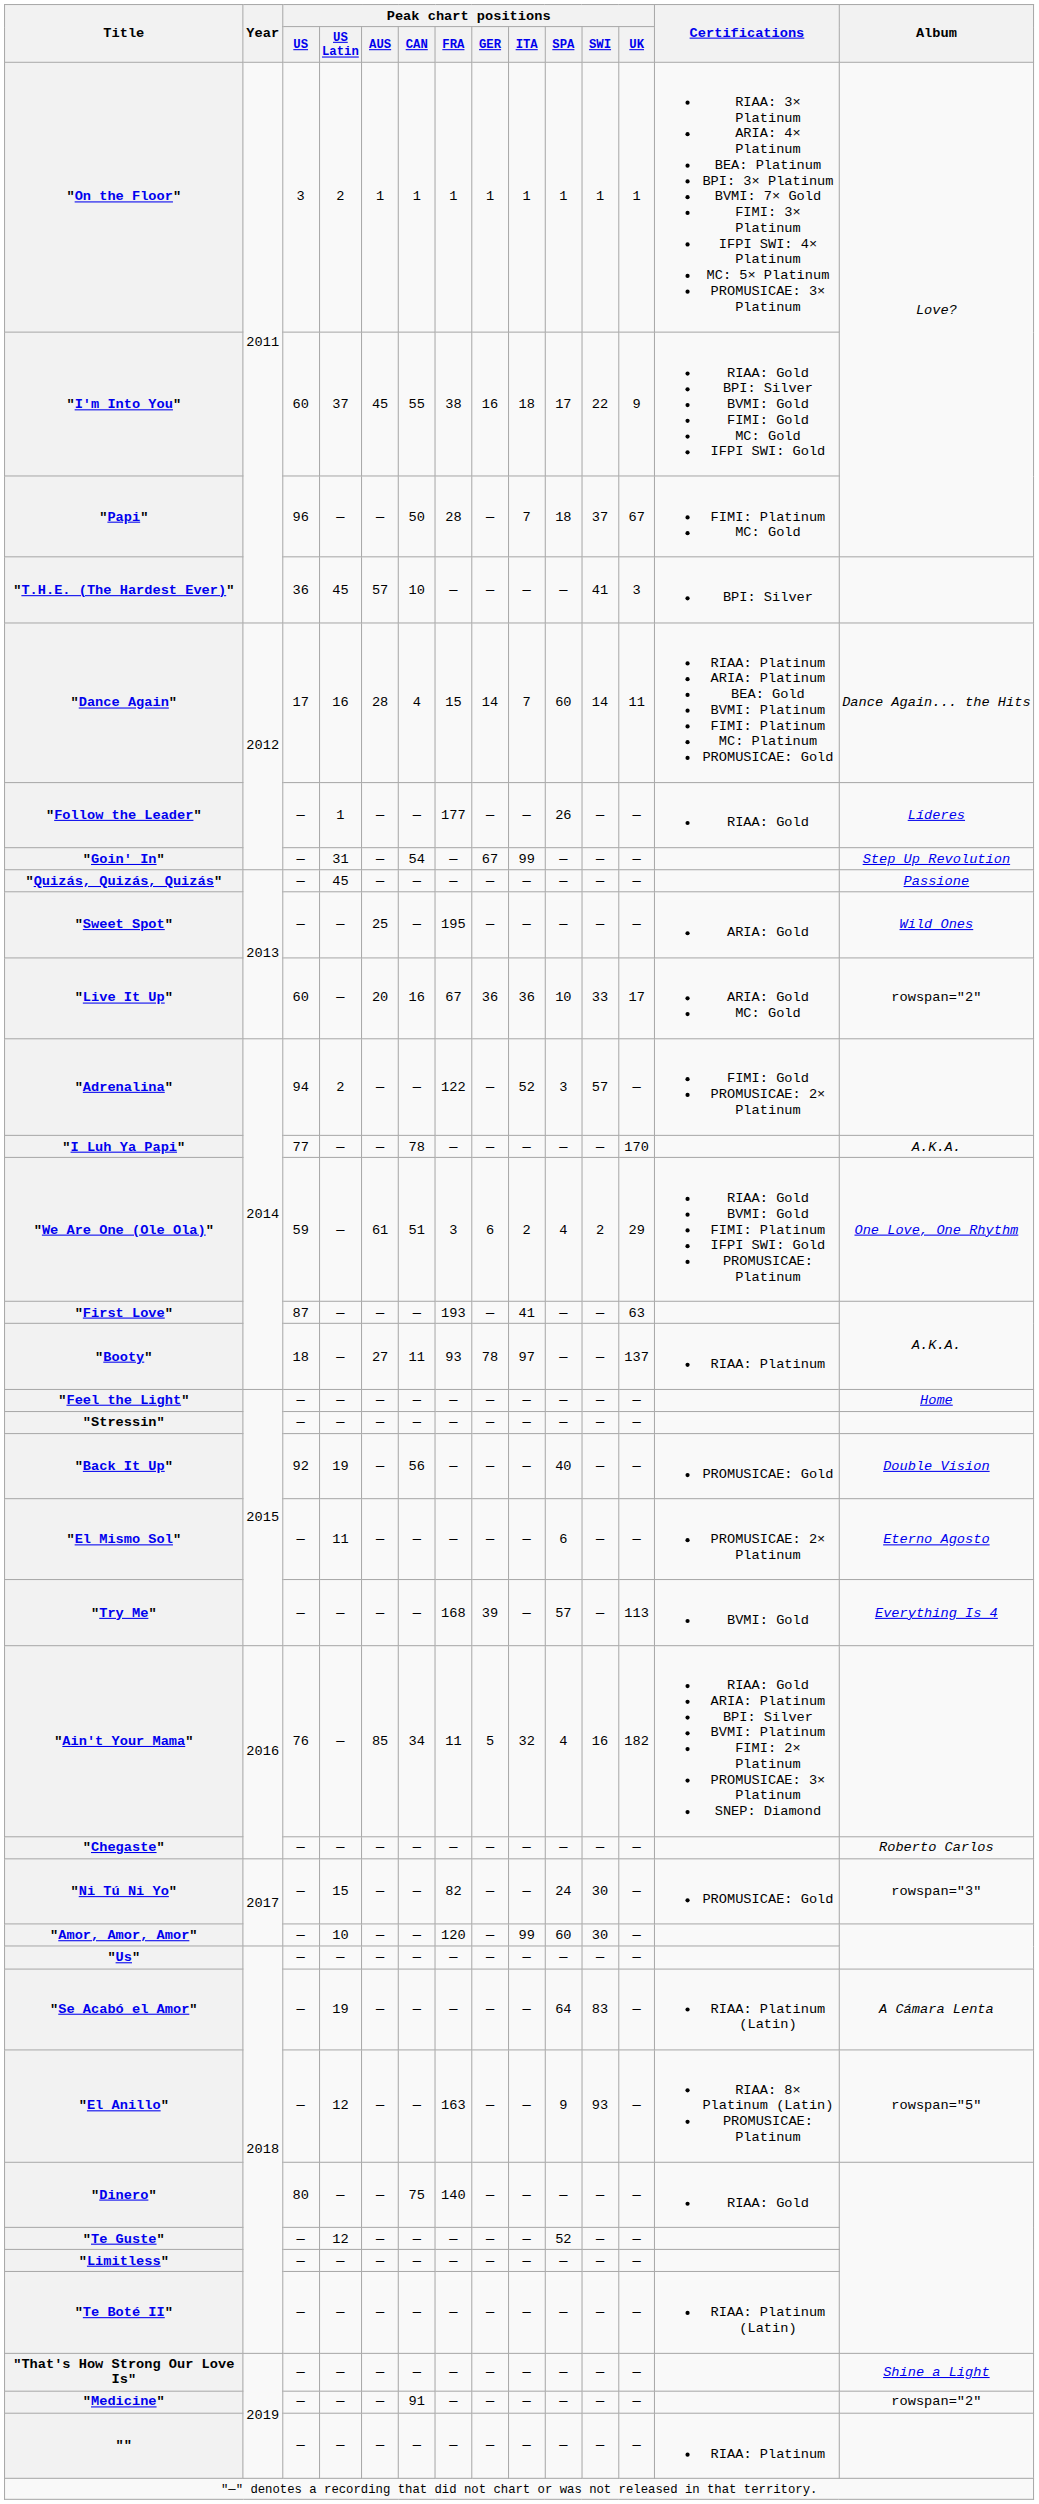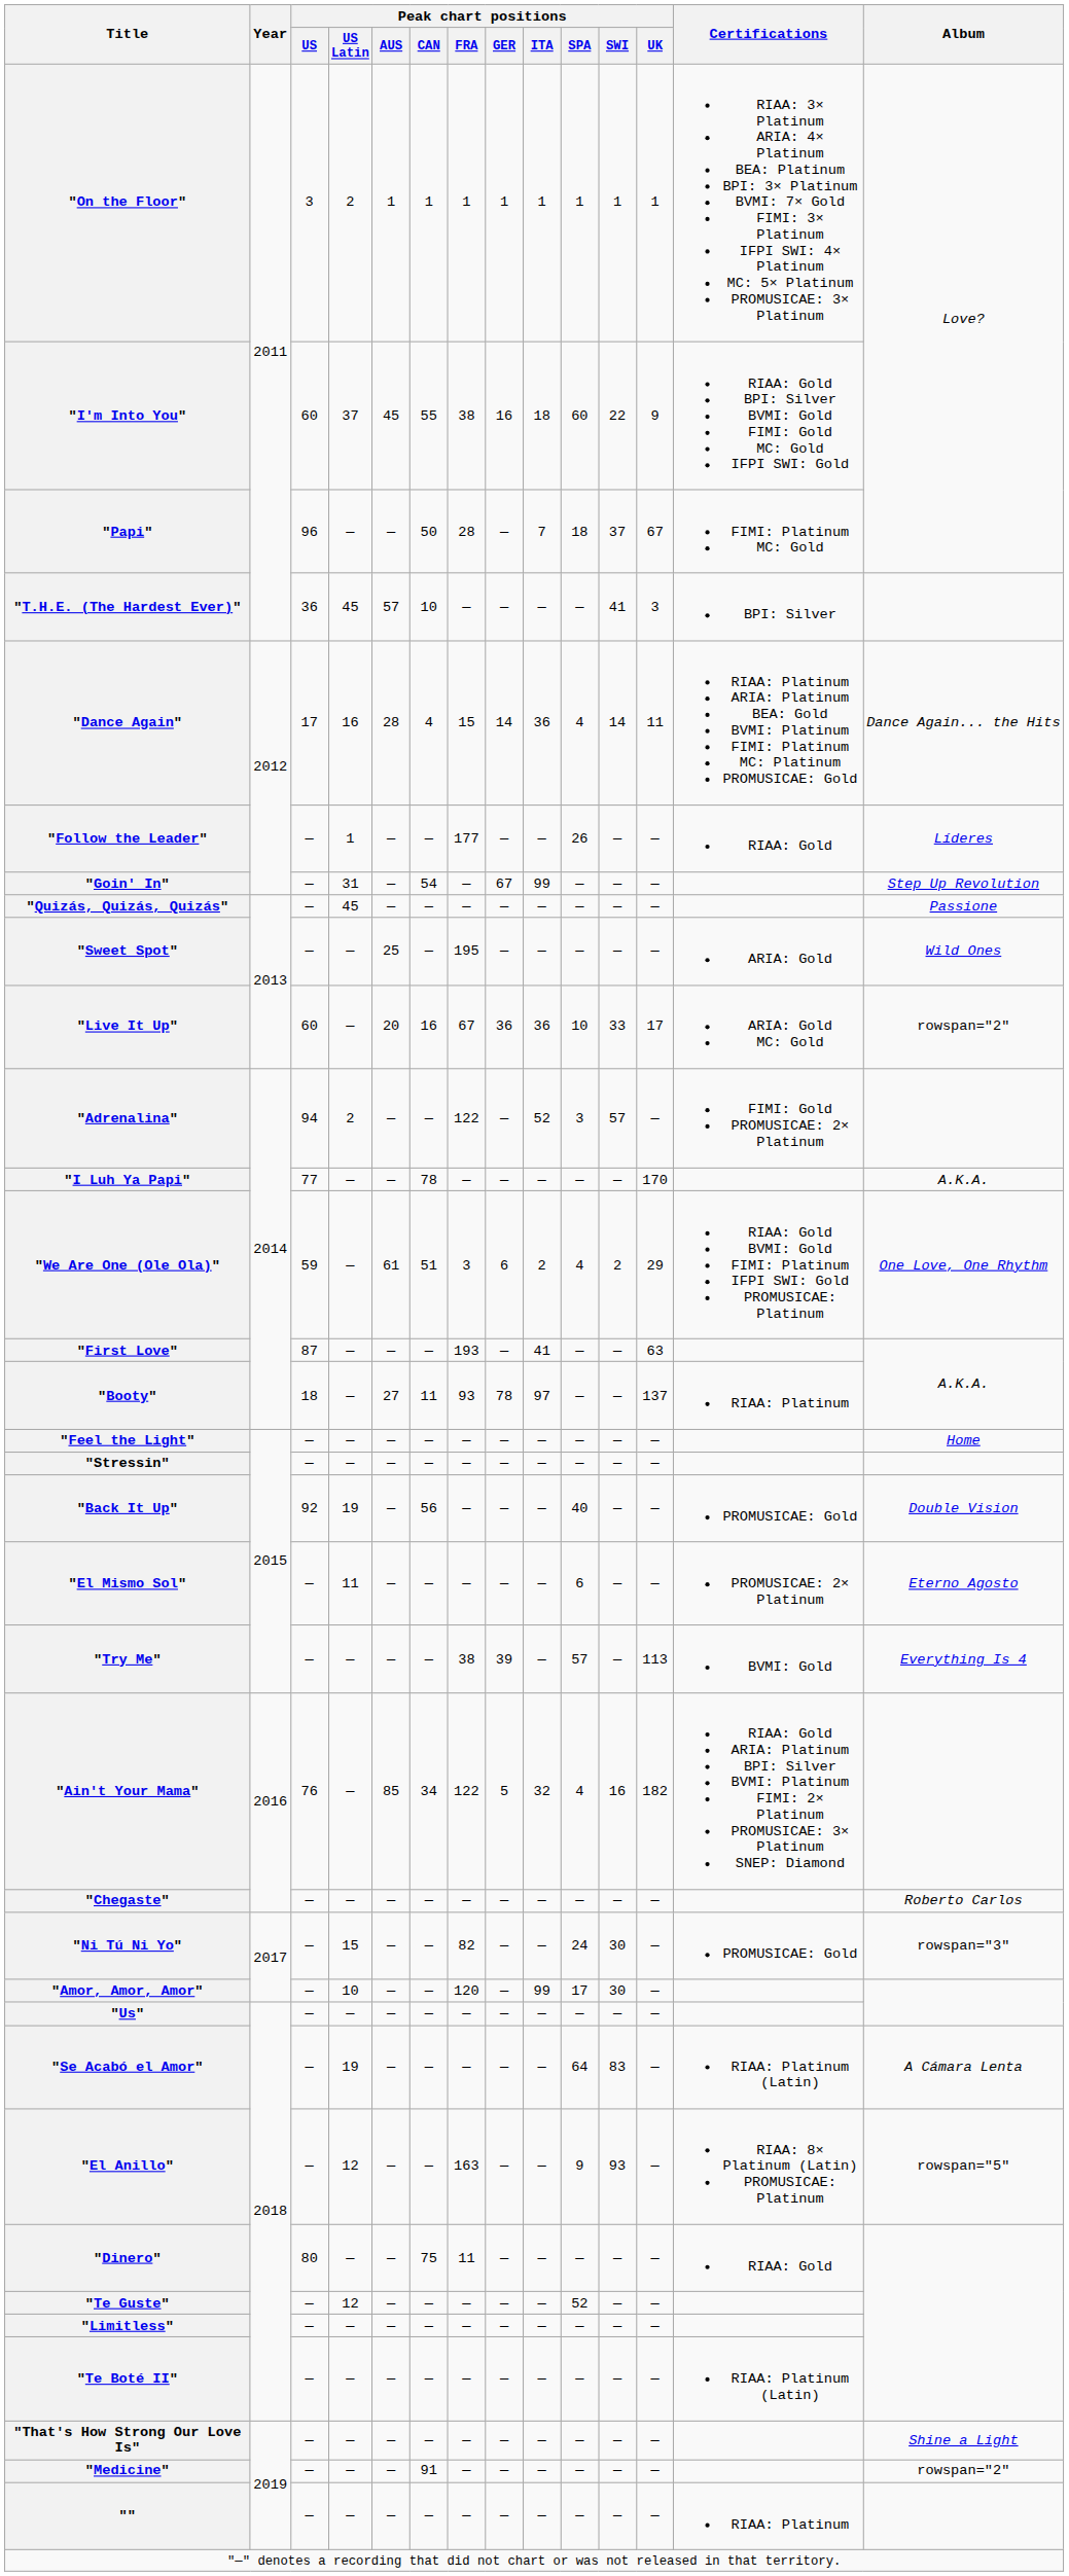 <table class="wikitable plainrowheaders" style="text-align:center;">
 <tr>
 <th scope="col" rowspan="2" style="width:17em;">Title</th>
 <th scope="col" rowspan="2" style="width:1em;">Year</th>
 <th scope="col" colspan="10">Peak chart positions</th>
 <th scope="col" rowspan="2" style="width:13em;"><a href='#'>Certifications</a></th>
 <th scope="col" rowspan="2">Album</th>
 </tr>
 <tr>
 <th scope="col" style="width:2.5em; font-size:90%;"><a href='#'>US</a><br></th>
 <th scope="col" style="width:2.5em; font-size:90%;"><a href='#'>US<br>Latin</a><br></th>
 <th scope="col" style="width:2.5em; font-size:90%;"><a href='#'>AUS</a><br></th>
 <th scope="col" style="width:2.5em; font-size:90%;"><a href='#'>CAN</a><br></th>
 <th scope="col" style="width:2.5em; font-size:90%;"><a href='#'>FRA</a><br></th>
 <th scope="col" style="width:2.5em; font-size:90%;"><a href='#'>GER</a> <br></th>
 <th scope="col" style="width:2.5em; font-size:90%;"><a href='#'>ITA</a><br></th>
 <th scope="col" style="width:2.5em; font-size:90%;"><a href='#'>SPA</a><br></th>
 <th scope="col" style="width:2.5em; font-size:90%;"><a href='#'>SWI</a><br></th>
 <th scope="col" style="width:2.5em; font-size:90%;"><a href='#'>UK</a><br></th>
 </tr>
 <tr>
 <th scope="row">"<a href='#'>On the Floor</a>" <br> </th>
 <td rowspan="4">2011</td>
 <td>3</td>
 <td>2</td>
 <td>1</td>
 <td>1</td>
 <td>1</td>
 <td>1</td>
 <td>1</td>
 <td>1</td>
 <td>1</td>
 <td>1</td>
 <td><br><ul><li>RIAA: 3× Platinum</li><li>ARIA: 4× Platinum</li><li>BEA: Platinum</li><li>BPI: 3× Platinum</li><li>BVMI: 7× Gold</li><li>FIMI: 3× Platinum</li><li>IFPI SWI: 4× Platinum</li><li>MC: 5× Platinum</li><li>PROMUSICAE: 3× Platinum</li></ul></td>
 <td rowspan="3"><em>Love?</em></td>
 </tr>
 <tr>
 <th scope="row">"<a href='#'>I'm Into You</a>" <br> </th>
 <td>60</td>
 <td>37</td>
 <td>45</td>
 <td>55</td>
 <td>38</td>
 <td>16</td>
 <td>18</td>
-<td>17</td>
+<td>60</td>
 <td>22</td>
 <td>9</td>
 <td><br><ul><li>RIAA: Gold</li><li>BPI: Silver</li><li>BVMI: Gold</li><li>FIMI: Gold</li><li>MC: Gold</li><li>IFPI SWI: Gold</li></ul></td>
 </tr>
 <tr>
 <th scope="row">"<a href='#'>Papi</a>"</th>
 <td>96</td>
 <td>—</td>
 <td>—</td>
 <td>50</td>
 <td>28</td>
 <td>—</td>
 <td>7</td>
 <td>18</td>
 <td>37</td>
 <td>67</td>
 <td><br><ul><li>FIMI: Platinum</li><li>MC: Gold</li></ul></td>
 </tr>
 <tr>
 <th scope="row">"<a href='#'>T.H.E. (The Hardest Ever)</a>"<br></th>
 <td>36</td>
 <td>45</td>
 <td>57</td>
 <td>10</td>
 <td>—</td>
 <td>—</td>
 <td>—</td>
 <td>—</td>
 <td>41</td>
 <td>3</td>
 <td><br><ul><li>BPI: Silver</li></ul></td>
 <td></td>
 </tr>
 <tr>
 <th scope="row">"<a href='#'>Dance Again</a>"<br></th>
 <td rowspan="3">2012</td>
 <td>17</td>
 <td>16</td>
 <td>28</td>
 <td>4</td>
 <td>15</td>
 <td>14</td>
-<td>7</td>
-<td>60</td>
+<td>36</td>
+<td>4</td>
 <td>14</td>
 <td>11</td>
 <td><br><ul><li>RIAA: Platinum</li><li>ARIA: Platinum</li><li>BEA: Gold</li><li>BVMI: Platinum</li><li>FIMI: Platinum</li><li>MC: Platinum</li><li>PROMUSICAE: Gold</li></ul></td>
 <td><em>Dance Again... the Hits</em></td>
 </tr>
 <tr>
 <th scope="row">"<a href='#'>Follow the Leader</a>"<br></th>
 <td>—</td>
 <td>1</td>
 <td>—</td>
 <td>—</td>
 <td>177</td>
 <td>—</td>
 <td>—</td>
 <td>26</td>
 <td>—</td>
 <td>—</td>
 <td><br><ul><li>RIAA: Gold</li></ul></td>
 <td><em><a href='#'>Líderes</a></em></td>
 </tr>
 <tr>
 <th scope="row">"<a href='#'>Goin' In</a>"<br></th>
 <td>—</td>
 <td>31</td>
 <td>—</td>
 <td>54</td>
 <td>—</td>
 <td>67</td>
 <td>99</td>
 <td>—</td>
 <td>—</td>
 <td>—</td>
 <td></td>
 <td><em><a href='#'>Step Up Revolution</a></em></td>
 </tr>
 <tr>
 <th scope="row">"<a href='#'>Quizás, Quizás, Quizás</a>"<br></th>
 <td rowspan="3">2013</td>
 <td>—</td>
 <td>45</td>
 <td>—</td>
 <td>—</td>
 <td>—</td>
 <td>—</td>
 <td>—</td>
 <td>—</td>
 <td>—</td>
 <td>—</td>
 <td></td>
 <td><em><a href='#'>Passione</a></em></td>
 </tr>
 <tr>
 <th scope="row">"<a href='#'>Sweet Spot</a>"<br></th>
 <td>—</td>
 <td>—</td>
 <td>25</td>
 <td>—</td>
 <td>195</td>
 <td>—</td>
 <td>—</td>
 <td>—</td>
 <td>—</td>
 <td>—</td>
 <td><br><ul><li>ARIA: Gold</li></ul></td>
 <td><em><a href='#'>Wild Ones</a></em></td>
 </tr>
 <tr>
 <th scope="row">"<a href='#'>Live It Up</a>"<br></th>
 <td>60</td>
 <td>—</td>
 <td>20</td>
 <td>16</td>
 <td>67</td>
 <td>36</td>
 <td>36</td>
 <td>10</td>
 <td>33</td>
 <td>17</td>
 <td><br><ul><li>ARIA: Gold</li><li>MC: Gold</li></ul></td>
 <td>rowspan="2" </td>
 </tr>
 <tr>
 <th scope="row">"<a href='#'>Adrenalina</a>" <br> </th>
 <td rowspan="5">2014</td>
 <td>94</td>
 <td>2</td>
 <td>—</td>
 <td>—</td>
 <td>122</td>
 <td>—</td>
 <td>52</td>
 <td>3</td>
 <td>57</td>
 <td>—</td>
 <td><br><ul><li>FIMI: Gold</li><li>PROMUSICAE: 2× Platinum</li></ul></td>
 </tr>
 <tr>
 <th scope="row">"<a href='#'>I Luh Ya Papi</a>"<br></th>
 <td>77</td>
 <td>—</td>
 <td>—</td>
 <td>78</td>
 <td>—</td>
 <td>—</td>
 <td>—</td>
 <td>—</td>
 <td>—</td>
 <td>170</td>
 <td></td>
 <td><em>A.K.A.</em></td>
 </tr>
 <tr>
 <th scope="row">"<a href='#'>We Are One (Ole Ola)</a>" <br> </th>
 <td>59</td>
 <td>—</td>
 <td>61</td>
 <td>51</td>
 <td>3</td>
 <td>6</td>
 <td>2</td>
 <td>4</td>
 <td>2</td>
 <td>29</td>
 <td><br><ul><li>RIAA: Gold</li><li>BVMI: Gold</li><li>FIMI: Platinum</li><li>IFPI SWI: Gold</li><li>PROMUSICAE: Platinum</li></ul></td>
 <td><em><a href='#'>One Love, One Rhythm</a></em></td>
 </tr>
 <tr>
 <th scope="row">"<a href='#'>First Love</a>"</th>
 <td>87</td>
 <td>—</td>
 <td>—</td>
 <td>—</td>
 <td>193</td>
 <td>—</td>
 <td>41</td>
 <td>—</td>
 <td>—</td>
 <td>63</td>
 <td></td>
 <td rowspan="2"><em>A.K.A.</em></td>
 </tr>
 <tr>
 <th scope="row">"<a href='#'>Booty</a>"<br></th>
 <td>18</td>
 <td>—</td>
 <td>27</td>
 <td>11</td>
 <td>93</td>
 <td>78</td>
 <td>97</td>
 <td>—</td>
 <td>—</td>
 <td>137</td>
 <td><br><ul><li>RIAA: Platinum</li></ul></td>
 </tr>
 <tr>
 <th scope="row">"<a href='#'>Feel the Light</a>"</th>
 <td rowspan="5">2015</td>
 <td>—</td>
 <td>—</td>
 <td>—</td>
 <td>—</td>
 <td>—</td>
 <td>—</td>
 <td>—</td>
 <td>—</td>
 <td>—</td>
 <td>—</td>
 <td></td>
 <td><em><a href='#'>Home</a></em></td>
 </tr>
 <tr>
 <th scope="row">"Stressin"<br></th>
 <td>—</td>
 <td>—</td>
 <td>—</td>
 <td>—</td>
 <td>—</td>
 <td>—</td>
 <td>—</td>
 <td>—</td>
 <td>—</td>
 <td>—</td>
 <td></td>
 <td></td>
 </tr>
 <tr>
 <th scope="row">"<a href='#'>Back It Up</a>"<br></th>
 <td>92</td>
 <td>19</td>
 <td>—</td>
 <td>56</td>
 <td>—</td>
 <td>—</td>
 <td>—</td>
 <td>40</td>
 <td>—</td>
 <td>—</td>
 <td><br><ul><li>PROMUSICAE: Gold</li></ul></td>
 <td><em><a href='#'>Double Vision</a></em></td>
 </tr>
 <tr>
 <th scope="row">"<a href='#'>El Mismo Sol</a>"<br></th>
 <td>—</td>
 <td>11</td>
 <td>—</td>
 <td>—</td>
 <td>—</td>
 <td>—</td>
 <td>—</td>
 <td>6</td>
 <td>—</td>
 <td>—</td>
 <td><br><ul><li>PROMUSICAE: 2× Platinum</li></ul></td>
 <td><em><a href='#'>Eterno Agosto</a></em></td>
 </tr>
 <tr>
 <th scope="row">"<a href='#'>Try Me</a>"<br></th>
 <td>—</td>
 <td>—</td>
 <td>—</td>
 <td>—</td>
-<td>168</td>
+<td>38</td>
 <td>39</td>
 <td>—</td>
 <td>57</td>
 <td>—</td>
 <td>113</td>
 <td><br><ul><li>BVMI: Gold</li></ul></td>
 <td><em><a href='#'>Everything Is 4</a></em></td>
 </tr>
 <tr>
 <th scope="row">"<a href='#'>Ain't Your Mama</a>"</th>
 <td rowspan="2">2016</td>
 <td>76</td>
 <td>—</td>
 <td>85</td>
 <td>34</td>
-<td>11</td>
+<td>122</td>
 <td>5</td>
 <td>32</td>
 <td>4</td>
 <td>16</td>
 <td>182</td>
 <td><br><ul><li>RIAA: Gold</li><li>ARIA: Platinum</li><li>BPI: Silver</li><li>BVMI: Platinum</li><li>FIMI: 2× Platinum</li><li>PROMUSICAE: 3× Platinum</li><li>SNEP: Diamond</li></ul></td>
 <td></td>
 </tr>
 <tr>
 <th scope="row">"<a href='#'>Chegaste</a>"<br></th>
 <td>—</td>
 <td>—</td>
 <td>—</td>
 <td>—</td>
 <td>—</td>
 <td>—</td>
 <td>—</td>
 <td>—</td>
 <td>—</td>
 <td>—</td>
 <td></td>
 <td><em>Roberto Carlos</em></td>
 </tr>
 <tr>
 <th scope="row">"<a href='#'>Ni Tú Ni Yo</a>"<br></th>
 <td rowspan="2">2017</td>
 <td>—</td>
 <td>15</td>
 <td>—</td>
 <td>—</td>
 <td>82</td>
 <td>—</td>
 <td>—</td>
 <td>24</td>
 <td>30</td>
 <td>—</td>
 <td><br><ul><li>PROMUSICAE: Gold</li></ul></td>
 <td>rowspan="3" </td>
 </tr>
 <tr>
 <th scope="row">"<a href='#'>Amor, Amor, Amor</a>"<br></th>
 <td>—</td>
 <td>10</td>
 <td>—</td>
 <td>—</td>
 <td>120</td>
 <td>—</td>
 <td>99</td>
-<td>60</td>
+<td>17</td>
 <td>30</td>
 <td>—</td>
 <td></td>
 </tr>
 <tr>
 <th scope="row">"<a href='#'>Us</a>"</th>
 <td rowspan="7">2018</td>
 <td>—</td>
 <td>—</td>
 <td>—</td>
 <td>—</td>
 <td>—</td>
 <td>—</td>
 <td>—</td>
 <td>—</td>
 <td>—</td>
 <td>—</td>
 <td></td>
 </tr>
 <tr>
 <th scope="row">"<a href='#'>Se Acabó el Amor</a>"<br></th>
 <td>—</td>
 <td>19</td>
 <td>—</td>
 <td>—</td>
 <td>—</td>
 <td>—</td>
 <td>—</td>
 <td>64</td>
 <td>83</td>
 <td>—</td>
 <td><br><ul><li>RIAA: Platinum (Latin)</li></ul></td>
 <td><em>A Cámara Lenta</em></td>
 </tr>
 <tr>
 <th scope="row">"<a href='#'>El Anillo</a>"</th>
 <td>—</td>
 <td>12</td>
 <td>—</td>
 <td>—</td>
 <td>163</td>
 <td>—</td>
 <td>—</td>
 <td>9</td>
 <td>93</td>
 <td>—</td>
 <td><br><ul><li>RIAA: 8× Platinum (Latin)</li><li>PROMUSICAE: Platinum</li></ul></td>
 <td>rowspan="5" </td>
 </tr>
 <tr>
 <th scope="row">"<a href='#'>Dinero</a>"<br></th>
 <td>80</td>
 <td>—</td>
 <td>—</td>
 <td>75</td>
-<td>140</td>
+<td>11</td>
 <td>—</td>
 <td>—</td>
 <td>—</td>
 <td>—</td>
 <td>—</td>
 <td><br><ul><li>RIAA: Gold</li></ul></td>
 </tr>
 <tr>
 <th scope="row">"<a href='#'>Te Guste</a>"<br></th>
 <td>—</td>
 <td>12</td>
 <td>—</td>
 <td>—</td>
 <td>—</td>
 <td>—</td>
 <td>—</td>
 <td>52</td>
 <td>—</td>
 <td>—</td>
 <td></td>
 </tr>
 <tr>
 <th scope="row">"<a href='#'>Limitless</a>"<br></th>
 <td>—</td>
 <td>—</td>
 <td>—</td>
 <td>—</td>
 <td>—</td>
 <td>—</td>
 <td>—</td>
 <td>—</td>
 <td>—</td>
 <td>—</td>
 <td></td>
 </tr>
 <tr>
 <th scope="row">"<a href='#'>Te Boté II</a>"<br></th>
 <td>—</td>
 <td>—</td>
 <td>—</td>
 <td>—</td>
 <td>—</td>
 <td>—</td>
 <td>—</td>
 <td>—</td>
 <td>—</td>
 <td>—</td>
 <td><br><ul><li>RIAA: Platinum (Latin)</li></ul></td>
 </tr>
 <tr>
 <th scope="row">"That's How Strong Our Love Is"<br></th>
 <td rowspan="3">2019</td>
 <td>—</td>
 <td>—</td>
 <td>—</td>
 <td>—</td>
 <td>—</td>
 <td>—</td>
 <td>—</td>
 <td>—</td>
 <td>—</td>
 <td>—</td>
 <td></td>
 <td><em><a href='#'>Shine a Light</a></em></td>
 </tr>
 <tr>
 <th scope="row">"<a href='#'>Medicine</a>"<br></th>
 <td>—</td>
 <td>—</td>
 <td>—</td>
 <td>91</td>
 <td>—</td>
 <td>—</td>
 <td>—</td>
 <td>—</td>
 <td>—</td>
 <td>—</td>
 <td></td>
 <td>rowspan="2" </td>
 </tr>
 <tr>
 <th scope="row">""</th>
 <td>—</td>
 <td>—</td>
 <td>—</td>
 <td>—</td>
 <td>—</td>
 <td>—</td>
 <td>—</td>
 <td>—</td>
 <td>—</td>
 <td>—</td>
 <td><br><ul><li>RIAA: Platinum </li></ul></td>
 </tr>
 <tr>
 <td colspan="14" style="font-size:90%">"—" denotes a recording that did not chart or was not released in that territory.</td>
 </tr>
 </table>
